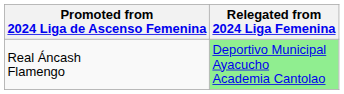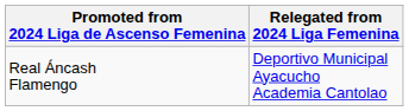 <table class="wikitable">
 <tr>
 <th>Promoted from<br><a href='#'>2024 Liga de Ascenso Femenina</a></th>
 <th>Relegated from<br><a href='#'>2024 Liga Femenina</a></th>
 </tr>
 <tr>
 <td> Real Áncash  <br> Flamengo </td>
-<td style="background: lightgreen;"> <a href='#'>Deportivo Municipal</a>  <br> <a href='#'>Ayacucho</a> <br> <a href='#'>Academia Cantolao</a> </td>
+<td> <a href='#'>Deportivo Municipal</a>  <br> <a href='#'>Ayacucho</a> <br> <a href='#'>Academia Cantolao</a> </td>
 </tr>
 </table>
